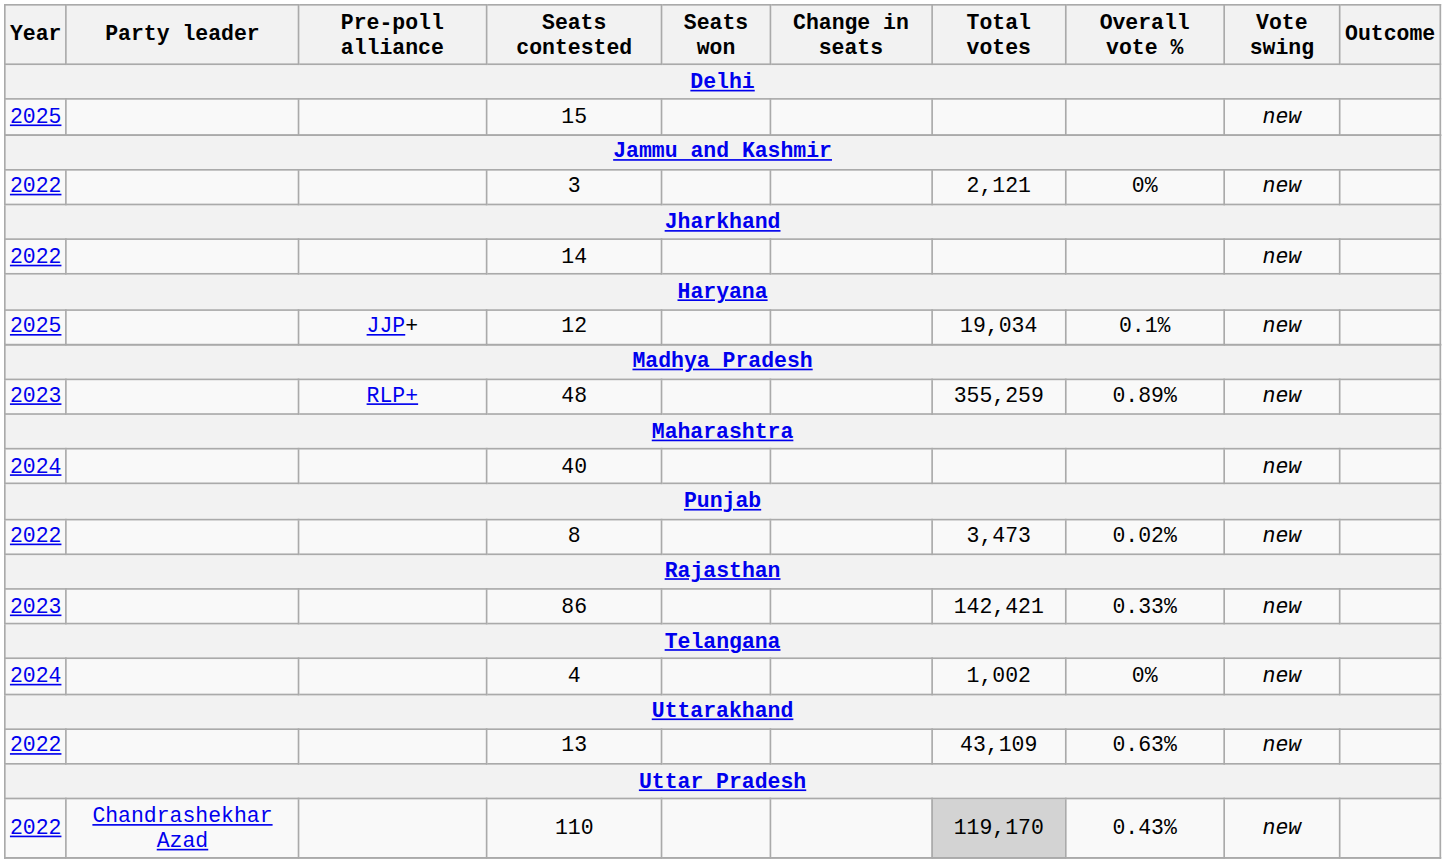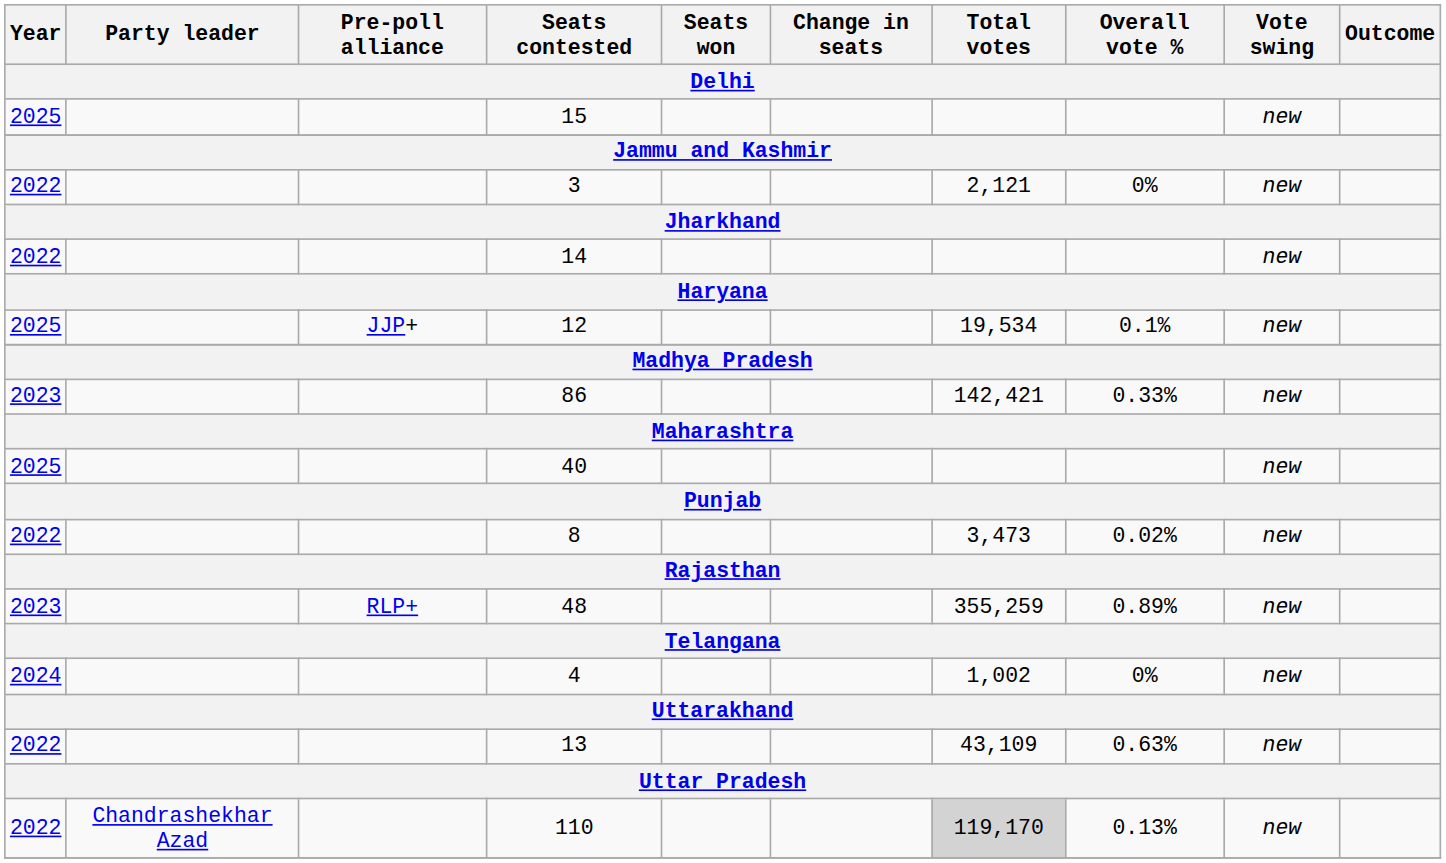 <table class="wikitable sortable" style="text-align:center;">
 <tr>
 <th Style="background-color:">Year</th>
 <th Style="background-color:">Party leader</th>
 <th Style="background-color:">Pre-poll alliance</th>
 <th Style="background-color:">Seats contested</th>
 <th Style="background-color:">Seats won</th>
 <th Style="background-color:">Change in seats</th>
 <th Style="background-color:">Total votes</th>
 <th Style="background-color:">Overall vote %</th>
 <th Style="background-color:">Vote swing</th>
 <th Style="background-color:">Outcome</th>
 </tr>
 <tr>
 <th colspan="10"><a href='#'>Delhi</a></th>
 </tr>
 <tr>
 <td><a href='#'>2025</a></td>
 <td></td>
 <td></td>
 <td>15</td>
 <td></td>
 <td></td>
 <td></td>
 <td></td>
 <td><em>new</em></td>
 <td></td>
 </tr>
 <tr>
 </tr>
 <tr>
 <th colspan="10"><a href='#'>Jammu and Kashmir</a></th>
 </tr>
 <tr>
 <td><a href='#'>2022</a></td>
 <td></td>
 <td></td>
 <td>3</td>
 <td></td>
 <td></td>
 <td>2,121</td>
 <td>0%</td>
 <td><em>new</em></td>
 <td></td>
 </tr>
 <tr>
 <th colspan="10"><a href='#'>Jharkhand</a></th>
 </tr>
 <tr>
 <td><a href='#'>2022</a></td>
 <td></td>
 <td></td>
 <td>14</td>
 <td></td>
 <td></td>
 <td></td>
 <td></td>
 <td><em>new</em></td>
 <td></td>
 </tr>
 <tr>
 <th colspan="10"><a href='#'>Haryana</a></th>
 </tr>
 <tr>
 <td><a href='#'>2025</a></td>
 <td></td>
 <td><a href='#'>JJP</a>+</td>
 <td>12</td>
 <td></td>
 <td></td>
-<td>19,034</td>
+<td>19,534</td>
 <td>0.1%</td>
 <td><em>new</em></td>
 <td></td>
 </tr>
 <tr>
 </tr>
 <tr style="text-align:center;">
 <th Colspan=10><a href='#'>Madhya Pradesh</a></th>
 </tr>
 <tr>
 <td><a href='#'>2023</a></td>
 <td></td>
-<td><a href='#'>RLP+</a></td>
-<td>48</td>
+<td></td>
+<td>86</td>
 <td></td>
 <td></td>
-<td>355,259</td>
-<td>0.89%</td>
+<td>142,421</td>
+<td>0.33%</td>
 <td><em>new</em></td>
 <td></td>
 </tr>
 <tr>
 <th colspan="10"><a href='#'>Maharashtra</a></th>
 </tr>
 <tr>
-<td><a href='#'>2024</a></td>
+<td><a href='#'>2025</a></td>
 <td></td>
 <td></td>
 <td>40</td>
 <td></td>
 <td></td>
 <td></td>
 <td></td>
 <td><em>new</em></td>
 <td></td>
 </tr>
 <tr>
 <th Colspan=10><a href='#'>Punjab</a></th>
 </tr>
 <tr>
 <td><a href='#'>2022</a></td>
 <td></td>
 <td></td>
 <td>8</td>
 <td></td>
 <td></td>
 <td>3,473</td>
 <td>0.02%</td>
 <td><em>new</em></td>
 <td></td>
 </tr>
 <tr>
 <th Colspan=10><a href='#'>Rajasthan</a></th>
 </tr>
 <tr>
 <td><a href='#'>2023</a></td>
 <td></td>
-<td></td>
-<td>86</td>
+<td><a href='#'>RLP+</a></td>
+<td>48</td>
 <td></td>
 <td></td>
-<td>142,421</td>
-<td>0.33%</td>
+<td>355,259</td>
+<td>0.89%</td>
 <td><em>new</em></td>
 <td></td>
 </tr>
 <tr>
 <th Colspan=10><a href='#'>Telangana</a></th>
 </tr>
 <tr>
 <td><a href='#'>2024</a></td>
 <td></td>
 <td></td>
 <td>4</td>
 <td></td>
 <td></td>
 <td>1,002</td>
 <td>0%</td>
 <td><em>new</em></td>
 <td></td>
 </tr>
 <tr>
 <th Colspan=10><a href='#'>Uttarakhand</a></th>
 </tr>
 <tr>
 <td><a href='#'>2022</a></td>
 <td></td>
 <td></td>
 <td>13</td>
 <td></td>
 <td></td>
 <td>43,109</td>
 <td>0.63%</td>
 <td><em>new</em></td>
 <td></td>
 </tr>
 <tr>
 <th Colspan=10><a href='#'>Uttar Pradesh</a></th>
 </tr>
 <tr>
 <td><a href='#'>2022</a></td>
 <td><a href='#'>Chandrashekhar Azad</a></td>
 <td></td>
 <td>110</td>
 <td></td>
 <td></td>
 <td style="background: lightgrey;">119,170</td>
-<td>0.43%</td>
+<td>0.13%</td>
 <td><em>new</em></td>
 <td></td>
 </tr>
 <tr>
 </tr>
 </table>
